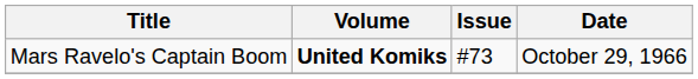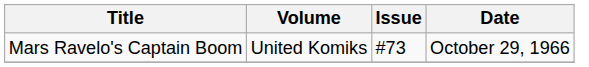 <table class="wikitable">
 <tr>
 <th>Title</th>
 <th>Volume</th>
 <th>Issue</th>
 <th>Date</th>
 </tr>
 <tr>
 <td>Mars Ravelo's Captain Boom</td>
-<td><strong>United Komiks</strong></td>
+<td>United Komiks</td>
 <td>#73</td>
 <td>October 29, 1966</td>
 </tr>
 <tr>
 </tr>
 </table>
